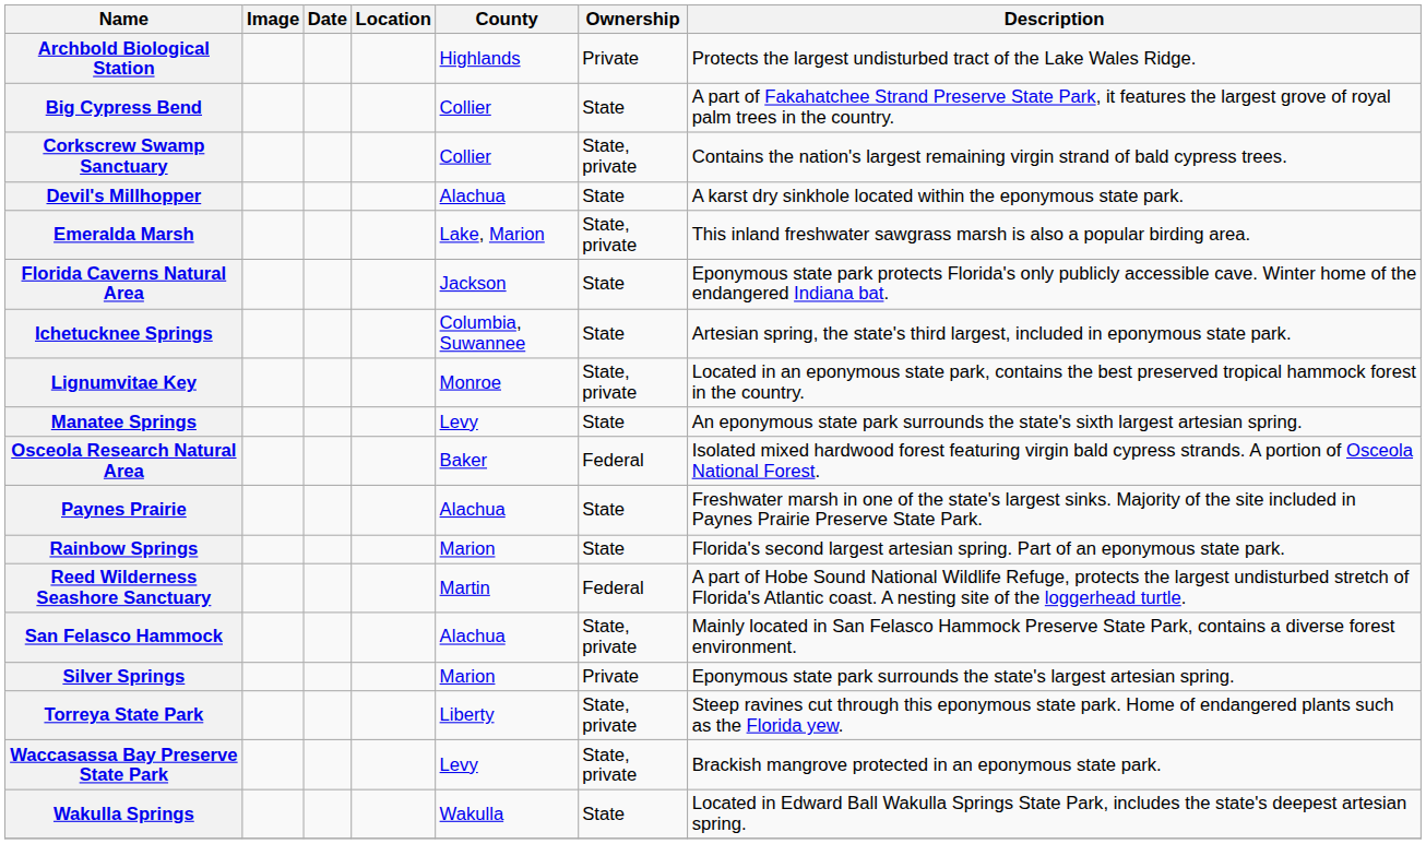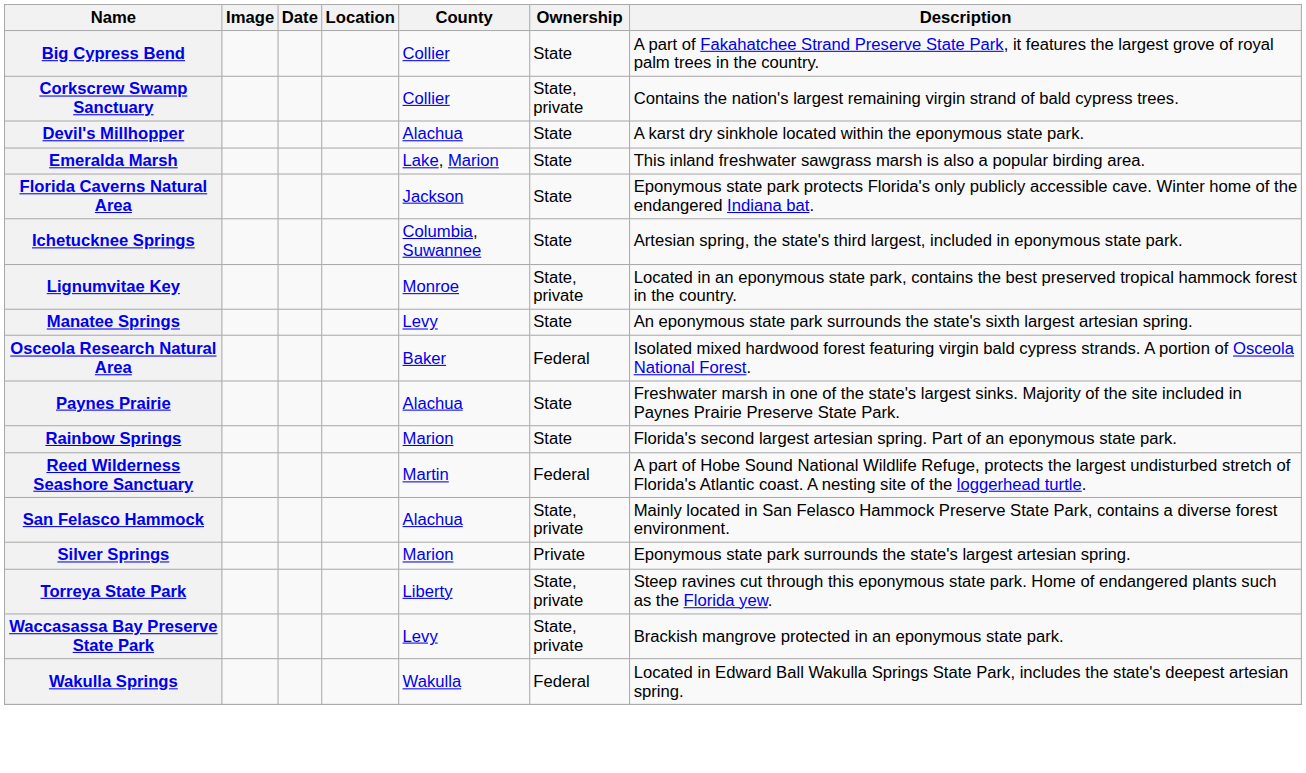 <table class="wikitable sortable" align="center">
 <tr>
 <th scope="col" style="background-color:">Name</th>
 <th scope="col" style="background-color:">Image</th>
 <th scope="col" style="background-color:">Date</th>
 <th scope="col" style="background-color:">Location</th>
 <th scope="col" style="background-color:">County</th>
 <th scope="col" style="background-color:">Ownership</th>
 <th scope="col" style="background-color:">Description</th>
-</tr>
-<tr>
-<th scope="row"><a href='#'>Archbold Biological Station</a></th>
-<td></td>
-<td></td>
-<td></td>
-<td><a href='#'>Highlands</a></td>
-<td>Private</td>
-<td>Protects the largest undisturbed tract of the Lake Wales Ridge.</td>
 </tr>
 <tr>
 <th scope="row"><a href='#'>Big Cypress Bend</a></th>
 <td></td>
 <td></td>
 <td></td>
 <td><a href='#'>Collier</a></td>
 <td>State</td>
 <td>A part of <a href='#'>Fakahatchee Strand Preserve State Park</a>, it features the largest grove of royal palm trees in the country.</td>
 </tr>
 <tr>
 <th scope="row"><a href='#'>Corkscrew Swamp Sanctuary</a></th>
 <td></td>
 <td></td>
 <td></td>
 <td><a href='#'>Collier</a></td>
 <td>State, private</td>
 <td>Contains the nation's largest remaining virgin strand of bald cypress trees.</td>
 </tr>
 <tr>
 <th scope="row"><a href='#'>Devil's Millhopper</a></th>
 <td></td>
 <td></td>
 <td></td>
 <td><a href='#'>Alachua</a></td>
 <td>State</td>
 <td>A karst dry sinkhole located within the eponymous state park.</td>
 </tr>
 <tr>
 <th scope="row"><a href='#'>Emeralda Marsh</a></th>
 <td></td>
 <td></td>
 <td></td>
 <td><a href='#'>Lake</a>, <a href='#'>Marion</a></td>
-<td>State, private</td>
+<td>State</td>
 <td>This inland freshwater sawgrass marsh is also a popular birding area.</td>
 </tr>
 <tr>
 <th scope="row"><a href='#'>Florida Caverns Natural Area</a></th>
 <td></td>
 <td></td>
 <td></td>
 <td><a href='#'>Jackson</a></td>
 <td>State</td>
 <td>Eponymous state park protects Florida's only publicly accessible cave. Winter home of the endangered <a href='#'>Indiana bat</a>.</td>
 </tr>
 <tr>
 <th scope="row"><a href='#'>Ichetucknee Springs</a></th>
 <td></td>
 <td></td>
 <td></td>
 <td><a href='#'>Columbia</a>, <a href='#'>Suwannee</a></td>
 <td>State</td>
 <td>Artesian spring, the state's third largest, included in eponymous state park.</td>
 </tr>
 <tr>
 <th scope="row"><a href='#'>Lignumvitae Key</a></th>
 <td></td>
 <td></td>
 <td></td>
 <td><a href='#'>Monroe</a></td>
 <td>State, private</td>
 <td>Located in an eponymous state park, contains the best preserved tropical hammock forest in the country.</td>
 </tr>
 <tr>
 <th scope="row"><a href='#'>Manatee Springs</a></th>
 <td></td>
 <td></td>
 <td></td>
 <td><a href='#'>Levy</a></td>
 <td>State</td>
 <td>An eponymous state park surrounds the state's sixth largest artesian spring.</td>
 </tr>
 <tr>
 <th scope="row"><a href='#'>Osceola Research Natural Area</a></th>
 <td></td>
 <td></td>
 <td></td>
 <td><a href='#'>Baker</a></td>
 <td>Federal</td>
 <td>Isolated mixed hardwood forest featuring virgin bald cypress strands. A portion of <a href='#'>Osceola National Forest</a>.</td>
 </tr>
 <tr>
 <th scope="row"><a href='#'>Paynes Prairie</a></th>
 <td></td>
 <td></td>
 <td></td>
 <td><a href='#'>Alachua</a></td>
 <td>State</td>
 <td>Freshwater marsh in one of the state's largest sinks. Majority of the site included in Paynes Prairie Preserve State Park.</td>
 </tr>
 <tr>
 <th scope="row"><a href='#'>Rainbow Springs</a></th>
 <td></td>
 <td></td>
 <td></td>
 <td><a href='#'>Marion</a></td>
 <td>State</td>
 <td>Florida's second largest artesian spring. Part of an eponymous state park.</td>
 </tr>
 <tr>
 <th scope="row"><a href='#'>Reed Wilderness Seashore Sanctuary</a></th>
 <td></td>
 <td></td>
 <td></td>
 <td><a href='#'>Martin</a></td>
 <td>Federal</td>
 <td>A part of Hobe Sound National Wildlife Refuge, protects the largest undisturbed stretch of Florida's Atlantic coast. A nesting site of the <a href='#'>loggerhead turtle</a>.</td>
 </tr>
 <tr>
 <th scope="row"><a href='#'>San Felasco Hammock</a></th>
 <td></td>
 <td></td>
 <td></td>
 <td><a href='#'>Alachua</a></td>
 <td>State, private</td>
 <td>Mainly located in San Felasco Hammock Preserve State Park, contains a diverse forest environment.</td>
 </tr>
 <tr>
 <th scope="row"><a href='#'>Silver Springs</a></th>
 <td></td>
 <td></td>
 <td></td>
 <td><a href='#'>Marion</a></td>
 <td>Private</td>
 <td>Eponymous state park surrounds the state's largest artesian spring.</td>
 </tr>
 <tr>
 <th scope="row"><a href='#'>Torreya State Park</a></th>
 <td></td>
 <td></td>
 <td></td>
 <td><a href='#'>Liberty</a></td>
 <td>State, private</td>
 <td>Steep ravines cut through this eponymous state park. Home of endangered plants such as the <a href='#'>Florida yew</a>.</td>
 </tr>
 <tr>
 <th scope="row"><a href='#'>Waccasassa Bay Preserve State Park</a></th>
 <td></td>
 <td></td>
 <td></td>
 <td><a href='#'>Levy</a></td>
 <td>State, private</td>
 <td>Brackish mangrove protected in an eponymous state park.</td>
 </tr>
 <tr>
 <th scope="row"><a href='#'>Wakulla Springs</a></th>
 <td></td>
 <td></td>
 <td></td>
 <td><a href='#'>Wakulla</a></td>
-<td>State</td>
+<td>Federal</td>
 <td>Located in Edward Ball Wakulla Springs State Park, includes the state's deepest artesian spring.</td>
 </tr>
 <tr>
 </tr>
 </table>
